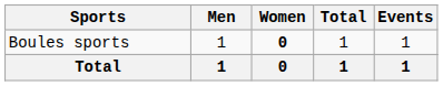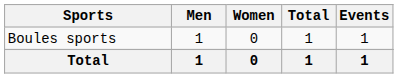 <table class="wikitable sortable" style="text-align:center;">
 <tr>
 <th width=150>Sports</th>
 <th width=45>Men</th>
 <th width=45>Women</th>
 <th width=45>Total</th>
 <th width=45>Events</th>
 </tr>
 <tr>
 <td align=left>Boules sports</td>
 <td>1</td>
-<td><strong>0</strong></td>
+<td>0</td>
 <td>1</td>
 <td>1</td>
 </tr>
 <tr>
 </tr>
 <tr class="sortbottom">
 <th>Total</th>
 <th>1</th>
 <th>0</th>
 <th>1</th>
 <th>1</th>
 </tr>
 </table>
